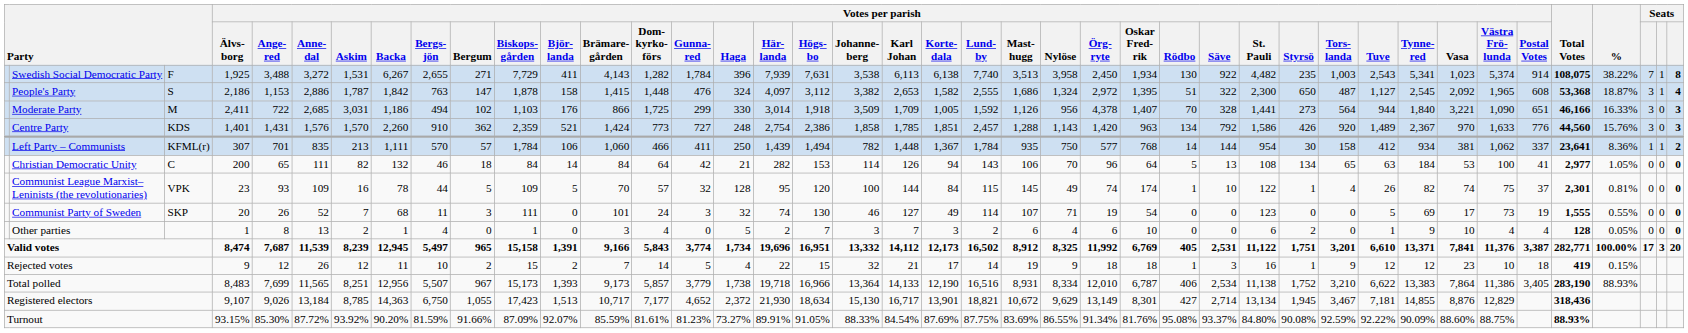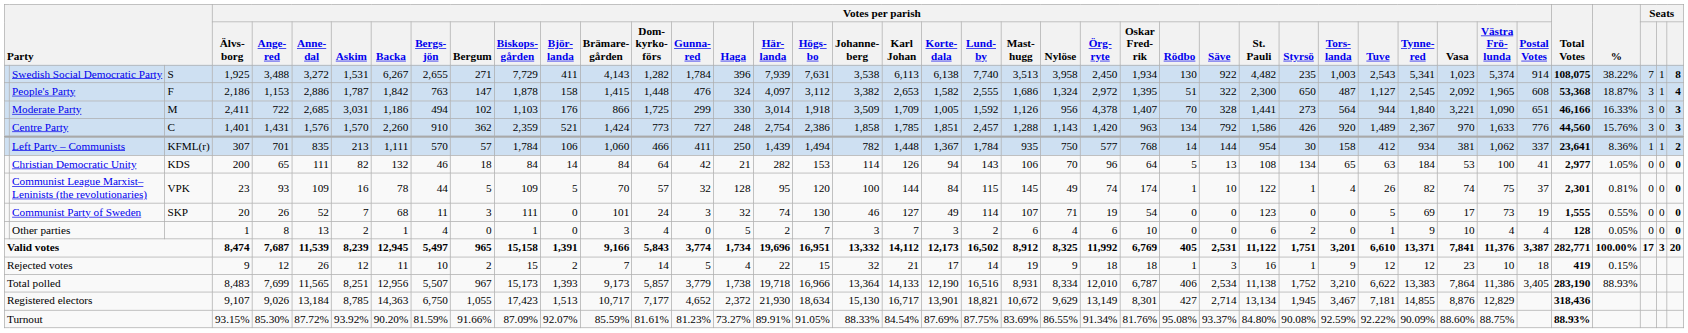 <table class="wikitable" border="1" style="text-align:right;">
 <tr>
 <th style="text-align:left;" valign=bottom rowspan=2 colspan=3>Party</th>
 <th colspan=33>Votes per parish</th>
 <th align=center valign=bottom rowspan=2 width="50">Total Votes</th>
 <th align=center valign=bottom rowspan=2 width="50">%</th>
 <th colspan=3>Seats</th>
 </tr>
 <tr>
 <th align=center valign=bottom width="50">Älvs- borg</th>
 <th align=center valign=bottom width="50"><a href='#'>Ange- red</a></th>
 <th align=center valign=bottom width="50"><a href='#'>Anne- dal</a></th>
 <th align=center valign=bottom width="50"><a href='#'>Askim</a></th>
 <th align=center valign=bottom width="50"><a href='#'>Backa</a></th>
 <th align=center valign=bottom width="50"><a href='#'>Bergs- jön</a></th>
 <th align=center valign=bottom width="50">Bergum</th>
 <th align=center valign=bottom width="50"><a href='#'>Biskops- gården</a></th>
 <th align=center valign=bottom width="50"><a href='#'>Björ- landa</a></th>
 <th align=center valign=bottom width="50">Brämare- gården</th>
 <th align=center valign=bottom width="50">Dom- kyrko- förs</th>
 <th align=center valign=bottom width="50"><a href='#'>Gunna- red</a></th>
 <th align=center valign=bottom width="50"><a href='#'>Haga</a></th>
 <th align=center valign=bottom width="50"><a href='#'>Här- landa</a></th>
 <th align=center valign=bottom width="50"><a href='#'>Högs- bo</a></th>
 <th align=center valign=bottom width="50">Johanne- berg</th>
 <th align=center valign=bottom width="50">Karl Johan</th>
 <th align=center valign=bottom width="50"><a href='#'>Korte- dala</a></th>
 <th align=center valign=bottom width="50"><a href='#'>Lund- by</a></th>
 <th align=center valign=bottom width="50">Mast- hugg</th>
 <th align=center valign=bottom width="50">Nylöse</th>
 <th align=center valign=bottom width="50"><a href='#'>Örg- ryte</a></th>
 <th align=center valign=bottom width="50">Oskar Fred- rik</th>
 <th align=center valign=bottom width="50"><a href='#'>Rödbo</a></th>
 <th align=center valign=bottom width="50"><a href='#'>Säve</a></th>
 <th align=center valign=bottom width="50">St. Pauli</th>
 <th align=center valign=bottom width="50"><a href='#'>Styrsö</a></th>
 <th align=center valign=bottom width="50"><a href='#'>Tors- landa</a></th>
 <th align=center valign=bottom width="50"><a href='#'>Tuve</a></th>
 <th align=center valign=bottom width="50"><a href='#'>Tynne- red</a></th>
 <th align=center valign=bottom width="50">Vasa</th>
 <th align=center valign=bottom width="50"><a href='#'>Västra Frö- lunda</a></th>
 <th align=center valign=bottom width="50"><a href='#'>Postal Votes</a></th>
 <th align=center valign=bottom width="20"><small></small></th>
 <th align=center valign=bottom width="20"><small><a href='#'></a></small></th>
 <th align=center valign=bottom width="20"><small></small></th>
 </tr>
 <tr style="background:#CEE0F2;">
 <td></td>
 <td align=left style="white-space: nowrap;"><a href='#'>Swedish Social Democratic Party</a></td>
-<td align=left>F</td>
+<td align=left>S</td>
 <td>1,925</td>
 <td>3,488</td>
 <td>3,272</td>
 <td>1,531</td>
 <td>6,267</td>
 <td>2,655</td>
 <td>271</td>
 <td>7,729</td>
 <td>411</td>
 <td>4,143</td>
 <td>1,282</td>
 <td>1,784</td>
 <td>396</td>
 <td>7,939</td>
 <td>7,631</td>
 <td>3,538</td>
 <td>6,113</td>
 <td>6,138</td>
 <td>7,740</td>
 <td>3,513</td>
 <td>3,958</td>
 <td>2,450</td>
 <td>1,934</td>
 <td>130</td>
 <td>922</td>
 <td>4,482</td>
 <td>235</td>
 <td>1,003</td>
 <td>2,543</td>
 <td>5,341</td>
 <td>1,023</td>
 <td>5,374</td>
 <td>914</td>
 <td><strong>108,075</strong></td>
 <td>38.22%</td>
 <td>7</td>
 <td>1</td>
 <td><strong>8</strong></td>
 </tr>
 <tr style="background:#CEE0F2;">
 <td></td>
 <td align=left><a href='#'>People's Party</a></td>
-<td align=left>S</td>
+<td align=left>F</td>
 <td>2,186</td>
 <td>1,153</td>
 <td>2,886</td>
 <td>1,787</td>
 <td>1,842</td>
 <td>763</td>
 <td>147</td>
 <td>1,878</td>
 <td>158</td>
 <td>1,415</td>
 <td>1,448</td>
 <td>476</td>
 <td>324</td>
 <td>4,097</td>
 <td>3,112</td>
 <td>3,382</td>
 <td>2,653</td>
 <td>1,582</td>
 <td>2,555</td>
 <td>1,686</td>
 <td>1,324</td>
 <td>2,972</td>
 <td>1,395</td>
 <td>51</td>
 <td>322</td>
 <td>2,300</td>
 <td>650</td>
 <td>487</td>
 <td>1,127</td>
 <td>2,545</td>
 <td>2,092</td>
 <td>1,965</td>
 <td>608</td>
 <td><strong>53,368</strong></td>
 <td>18.87%</td>
 <td>3</td>
 <td>1</td>
 <td><strong>4</strong></td>
 </tr>
 <tr style="background:#CEE0F2;">
 <td></td>
 <td align=left><a href='#'>Moderate Party</a></td>
 <td align=left>M</td>
 <td>2,411</td>
 <td>722</td>
 <td>2,685</td>
 <td>3,031</td>
 <td>1,186</td>
 <td>494</td>
 <td>102</td>
 <td>1,103</td>
 <td>176</td>
 <td>866</td>
 <td>1,725</td>
 <td>299</td>
 <td>330</td>
 <td>3,014</td>
 <td>1,918</td>
 <td>3,509</td>
 <td>1,709</td>
 <td>1,005</td>
 <td>1,592</td>
 <td>1,126</td>
 <td>956</td>
 <td>4,378</td>
 <td>1,407</td>
 <td>70</td>
 <td>328</td>
 <td>1,441</td>
 <td>273</td>
 <td>564</td>
 <td>944</td>
 <td>1,840</td>
 <td>3,221</td>
 <td>1,090</td>
 <td>651</td>
 <td><strong>46,166</strong></td>
 <td>16.33%</td>
 <td>3</td>
 <td>0</td>
 <td><strong>3</strong></td>
 </tr>
 <tr style="background:#CEE0F2;">
 <td></td>
 <td align=left><a href='#'>Centre Party</a></td>
-<td align=left>KDS</td>
+<td align=left>C</td>
 <td>1,401</td>
 <td>1,431</td>
 <td>1,576</td>
 <td>1,570</td>
 <td>2,260</td>
 <td>910</td>
 <td>362</td>
 <td>2,359</td>
 <td>521</td>
 <td>1,424</td>
 <td>773</td>
 <td>727</td>
 <td>248</td>
 <td>2,754</td>
 <td>2,386</td>
 <td>1,858</td>
 <td>1,785</td>
 <td>1,851</td>
 <td>2,457</td>
 <td>1,288</td>
 <td>1,143</td>
 <td>1,420</td>
 <td>963</td>
 <td>134</td>
 <td>792</td>
 <td>1,586</td>
 <td>426</td>
 <td>920</td>
 <td>1,489</td>
 <td>2,367</td>
 <td>970</td>
 <td>1,633</td>
 <td>776</td>
 <td><strong>44,560</strong></td>
 <td>15.76%</td>
 <td>3</td>
 <td>0</td>
 <td><strong>3</strong></td>
 </tr>
 <tr style="background:#CEE0F2; border-top:3px solid darkgray;">
 <td></td>
 <td align=left><a href='#'>Left Party – Communists</a></td>
 <td align=left>KFML(r)</td>
 <td>307</td>
 <td>701</td>
 <td>835</td>
 <td>213</td>
 <td>1,111</td>
 <td>570</td>
 <td>57</td>
 <td>1,784</td>
 <td>106</td>
 <td>1,060</td>
 <td>466</td>
 <td>411</td>
 <td>250</td>
 <td>1,439</td>
 <td>1,494</td>
 <td>782</td>
 <td>1,448</td>
 <td>1,367</td>
 <td>1,784</td>
 <td>935</td>
 <td>750</td>
 <td>577</td>
 <td>768</td>
 <td>14</td>
 <td>144</td>
 <td>954</td>
 <td>30</td>
 <td>158</td>
 <td>412</td>
 <td>934</td>
 <td>381</td>
 <td>1,062</td>
 <td>337</td>
 <td><strong>23,641</strong></td>
 <td>8.36%</td>
 <td>1</td>
 <td>1</td>
 <td><strong>2</strong></td>
 </tr>
 <tr>
 <td></td>
 <td align=left><a href='#'>Christian Democratic Unity</a></td>
-<td align=left>C</td>
+<td align=left>KDS</td>
 <td>200</td>
 <td>65</td>
 <td>111</td>
 <td>82</td>
 <td>132</td>
 <td>46</td>
 <td>18</td>
 <td>84</td>
 <td>14</td>
 <td>84</td>
 <td>64</td>
 <td>42</td>
 <td>21</td>
 <td>282</td>
 <td>153</td>
 <td>114</td>
 <td>126</td>
 <td>94</td>
 <td>143</td>
 <td>106</td>
 <td>70</td>
 <td>96</td>
 <td>64</td>
 <td>5</td>
 <td>13</td>
 <td>108</td>
 <td>134</td>
 <td>65</td>
 <td>63</td>
 <td>184</td>
 <td>53</td>
 <td>100</td>
 <td>41</td>
 <td><strong>2,977</strong></td>
 <td>1.05%</td>
 <td>0</td>
 <td>0</td>
 <td><strong>0</strong></td>
 </tr>
 <tr>
 <td></td>
 <td align=left><a href='#'>Communist League Marxist–Leninists (the revolutionaries)</a></td>
 <td align=left>VPK</td>
 <td>23</td>
 <td>93</td>
 <td>109</td>
 <td>16</td>
 <td>78</td>
 <td>44</td>
 <td>5</td>
 <td>109</td>
 <td>5</td>
 <td>70</td>
 <td>57</td>
 <td>32</td>
 <td>128</td>
 <td>95</td>
 <td>120</td>
 <td>100</td>
 <td>144</td>
 <td>84</td>
 <td>115</td>
 <td>145</td>
 <td>49</td>
 <td>74</td>
 <td>174</td>
 <td>1</td>
 <td>10</td>
 <td>122</td>
 <td>1</td>
 <td>4</td>
 <td>26</td>
 <td>82</td>
 <td>74</td>
 <td>75</td>
 <td>37</td>
 <td><strong>2,301</strong></td>
 <td>0.81%</td>
 <td>0</td>
 <td>0</td>
 <td><strong>0</strong></td>
 </tr>
 <tr>
 <td></td>
 <td align=left><a href='#'>Communist Party of Sweden</a></td>
 <td align=left>SKP</td>
 <td>20</td>
 <td>26</td>
 <td>52</td>
 <td>7</td>
 <td>68</td>
 <td>11</td>
 <td>3</td>
 <td>111</td>
 <td>0</td>
 <td>101</td>
 <td>24</td>
 <td>3</td>
 <td>32</td>
 <td>74</td>
 <td>130</td>
 <td>46</td>
 <td>127</td>
 <td>49</td>
 <td>114</td>
 <td>107</td>
 <td>71</td>
 <td>19</td>
 <td>54</td>
 <td>0</td>
 <td>0</td>
 <td>123</td>
 <td>0</td>
 <td>0</td>
 <td>5</td>
 <td>69</td>
 <td>17</td>
 <td>73</td>
 <td>19</td>
 <td><strong>1,555</strong></td>
 <td>0.55%</td>
 <td>0</td>
 <td>0</td>
 <td><strong>0</strong></td>
 </tr>
 <tr>
 <td></td>
 <td align=left>Other parties</td>
 <td></td>
 <td>1</td>
 <td>8</td>
 <td>13</td>
 <td>2</td>
 <td>1</td>
 <td>4</td>
 <td>0</td>
 <td>1</td>
 <td>0</td>
 <td>3</td>
 <td>4</td>
 <td>0</td>
 <td>5</td>
 <td>2</td>
 <td>7</td>
 <td>3</td>
 <td>7</td>
 <td>3</td>
 <td>2</td>
 <td>6</td>
 <td>4</td>
 <td>6</td>
 <td>10</td>
 <td>0</td>
 <td>0</td>
 <td>6</td>
 <td>2</td>
 <td>0</td>
 <td>1</td>
 <td>9</td>
 <td>10</td>
 <td>4</td>
 <td>4</td>
 <td><strong>128</strong></td>
 <td>0.05%</td>
 <td>0</td>
 <td>0</td>
 <td><strong>0</strong></td>
 </tr>
 <tr style="font-weight:bold">
 <td align=left colspan=3>Valid votes</td>
 <td>8,474</td>
 <td>7,687</td>
 <td>11,539</td>
 <td>8,239</td>
 <td>12,945</td>
 <td>5,497</td>
 <td>965</td>
 <td>15,158</td>
 <td>1,391</td>
 <td>9,166</td>
 <td>5,843</td>
 <td>3,774</td>
 <td>1,734</td>
 <td>19,696</td>
 <td>16,951</td>
 <td>13,332</td>
 <td>14,112</td>
 <td>12,173</td>
 <td>16,502</td>
 <td>8,912</td>
 <td>8,325</td>
 <td>11,992</td>
 <td>6,769</td>
 <td>405</td>
 <td>2,531</td>
 <td>11,122</td>
 <td>1,751</td>
 <td>3,201</td>
 <td>6,610</td>
 <td>13,371</td>
 <td>7,841</td>
 <td>11,376</td>
 <td>3,387</td>
 <td>282,771</td>
 <td>100.00%</td>
 <td>17</td>
 <td>3</td>
 <td>20</td>
 </tr>
 <tr>
 <td align=left colspan=3>Rejected votes</td>
 <td>9</td>
 <td>12</td>
 <td>26</td>
 <td>12</td>
 <td>11</td>
 <td>10</td>
 <td>2</td>
 <td>15</td>
 <td>2</td>
 <td>7</td>
 <td>14</td>
 <td>5</td>
 <td>4</td>
 <td>22</td>
 <td>15</td>
 <td>32</td>
 <td>21</td>
 <td>17</td>
 <td>14</td>
 <td>19</td>
 <td>9</td>
 <td>18</td>
 <td>18</td>
 <td>1</td>
 <td>3</td>
 <td>16</td>
 <td>1</td>
 <td>9</td>
 <td>12</td>
 <td>12</td>
 <td>23</td>
 <td>10</td>
 <td>18</td>
 <td><strong>419</strong></td>
 <td>0.15%</td>
 <td></td>
 <td></td>
 <td></td>
 </tr>
 <tr>
 <td align=left colspan=3>Total polled</td>
 <td>8,483</td>
 <td>7,699</td>
 <td>11,565</td>
 <td>8,251</td>
 <td>12,956</td>
 <td>5,507</td>
 <td>967</td>
 <td>15,173</td>
 <td>1,393</td>
 <td>9,173</td>
 <td>5,857</td>
 <td>3,779</td>
 <td>1,738</td>
 <td>19,718</td>
 <td>16,966</td>
 <td>13,364</td>
 <td>14,133</td>
 <td>12,190</td>
 <td>16,516</td>
 <td>8,931</td>
 <td>8,334</td>
 <td>12,010</td>
 <td>6,787</td>
 <td>406</td>
 <td>2,534</td>
 <td>11,138</td>
 <td>1,752</td>
 <td>3,210</td>
 <td>6,622</td>
 <td>13,383</td>
 <td>7,864</td>
 <td>11,386</td>
 <td>3,405</td>
 <td><strong>283,190</strong></td>
 <td>88.93%</td>
 <td></td>
 <td></td>
 <td></td>
 </tr>
 <tr>
 <td align=left colspan=3>Registered electors</td>
 <td>9,107</td>
 <td>9,026</td>
 <td>13,184</td>
 <td>8,785</td>
 <td>14,363</td>
 <td>6,750</td>
 <td>1,055</td>
 <td>17,423</td>
 <td>1,513</td>
 <td>10,717</td>
 <td>7,177</td>
 <td>4,652</td>
 <td>2,372</td>
 <td>21,930</td>
 <td>18,634</td>
 <td>15,130</td>
 <td>16,717</td>
 <td>13,901</td>
 <td>18,821</td>
 <td>10,672</td>
 <td>9,629</td>
 <td>13,149</td>
 <td>8,301</td>
 <td>427</td>
 <td>2,714</td>
 <td>13,134</td>
 <td>1,945</td>
 <td>3,467</td>
 <td>7,181</td>
 <td>14,855</td>
 <td>8,876</td>
 <td>12,829</td>
 <td></td>
 <td><strong>318,436</strong></td>
 <td></td>
 <td></td>
 <td></td>
 <td></td>
 </tr>
 <tr>
 <td align=left colspan=3>Turnout</td>
 <td>93.15%</td>
 <td>85.30%</td>
 <td>87.72%</td>
 <td>93.92%</td>
 <td>90.20%</td>
 <td>81.59%</td>
 <td>91.66%</td>
 <td>87.09%</td>
 <td>92.07%</td>
 <td>85.59%</td>
 <td>81.61%</td>
 <td>81.23%</td>
 <td>73.27%</td>
 <td>89.91%</td>
 <td>91.05%</td>
 <td>88.33%</td>
 <td>84.54%</td>
 <td>87.69%</td>
 <td>87.75%</td>
 <td>83.69%</td>
 <td>86.55%</td>
 <td>91.34%</td>
 <td>81.76%</td>
 <td>95.08%</td>
 <td>93.37%</td>
 <td>84.80%</td>
 <td>90.08%</td>
 <td>92.59%</td>
 <td>92.22%</td>
 <td>90.09%</td>
 <td>88.60%</td>
 <td>88.75%</td>
 <td></td>
 <td><strong>88.93%</strong></td>
 <td></td>
 <td></td>
 <td></td>
 <td></td>
 </tr>
 </table>
